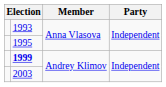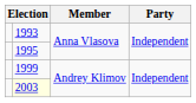 <table class="wikitable">
 <tr>
 <th colspan="2">Election</th>
 <th>Member</th>
 <th>Party</th>
 </tr>
 <tr>
 <td style="background-color:"></td>
 <td><a href='#'>1993</a></td>
 <td rowspan=2><a href='#'>Anna Vlasova</a></td>
 <td rowspan=2><a href='#'>Independent</a></td>
 </tr>
 <tr>
 <td style="background-color:"></td>
 <td><a href='#'>1995</a></td>
 </tr>
 <tr>
 <td style="background-color:"></td>
-<td><strong><a href='#'>1999</a></strong></td>
+<td><a href='#'>1999</a></td>
 <td rowspan=2><a href='#'>Andrey Klimov</a></td>
 <td rowspan=2><a href='#'>Independent</a></td>
 </tr>
 <tr>
 <td style="background-color:"></td>
-<td><a href='#'>2003</a></td>
+<td style="background: lightyellow;"><a href='#'>2003</a></td>
 </tr>
 </table>
